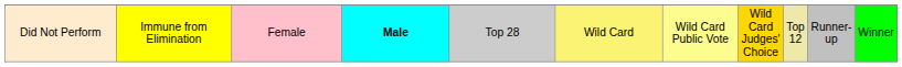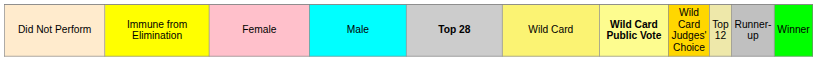 <table border="2" cellpadding="4"  style="background:solid gray; border:1px solid gray; border-collapse:collapse; margin:1em auto; text-align:center; margin:auto;">
 <tr>
 </tr>
 <tr>
 <td style="background:#ffebcd; width:15%;">Did Not Perform</td>
 <td style="background:yellow ; width:15%;">Immune from Elimination</td>
 <td style="background:pink; width:15%;">Female</td>
-<td style="background:cyan; width:15%;"><strong>Male</strong></td>
-<td style="background:#ccc; width:15%;">Top 28</td>
+<td style="background:cyan; width:15%;">Male</td>
+<td style="background:#ccc; width:15%;"><strong>Top 28</strong></td>
 <td style="background: #fbf373; width:15%;">Wild Card</td>
-<td style="background: #FDFC8F; width:15%;">Wild Card Public Vote</td>
+<td style="background: #FDFC8F; width:15%;"><strong>Wild Card Public Vote</strong></td>
 <td style="background:gold; width:15%;">Wild Card Judges' Choice</td>
 <td style="background:palegoldenrod; width:15%;">Top 12</td>
 <td style="background:silver; width:15%">Runner-up</td>
 <td style="background:lime; width:15%;">Winner</td>
 </tr>
 </table>
